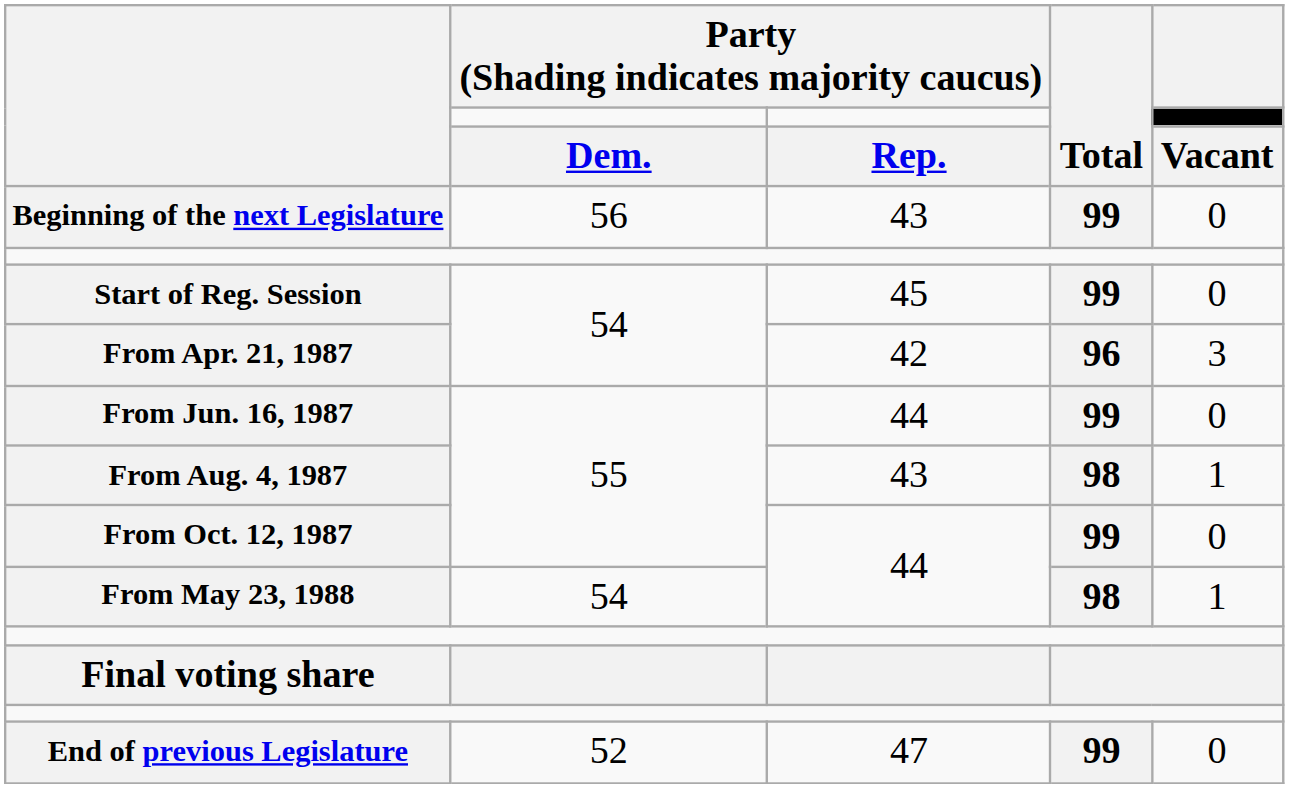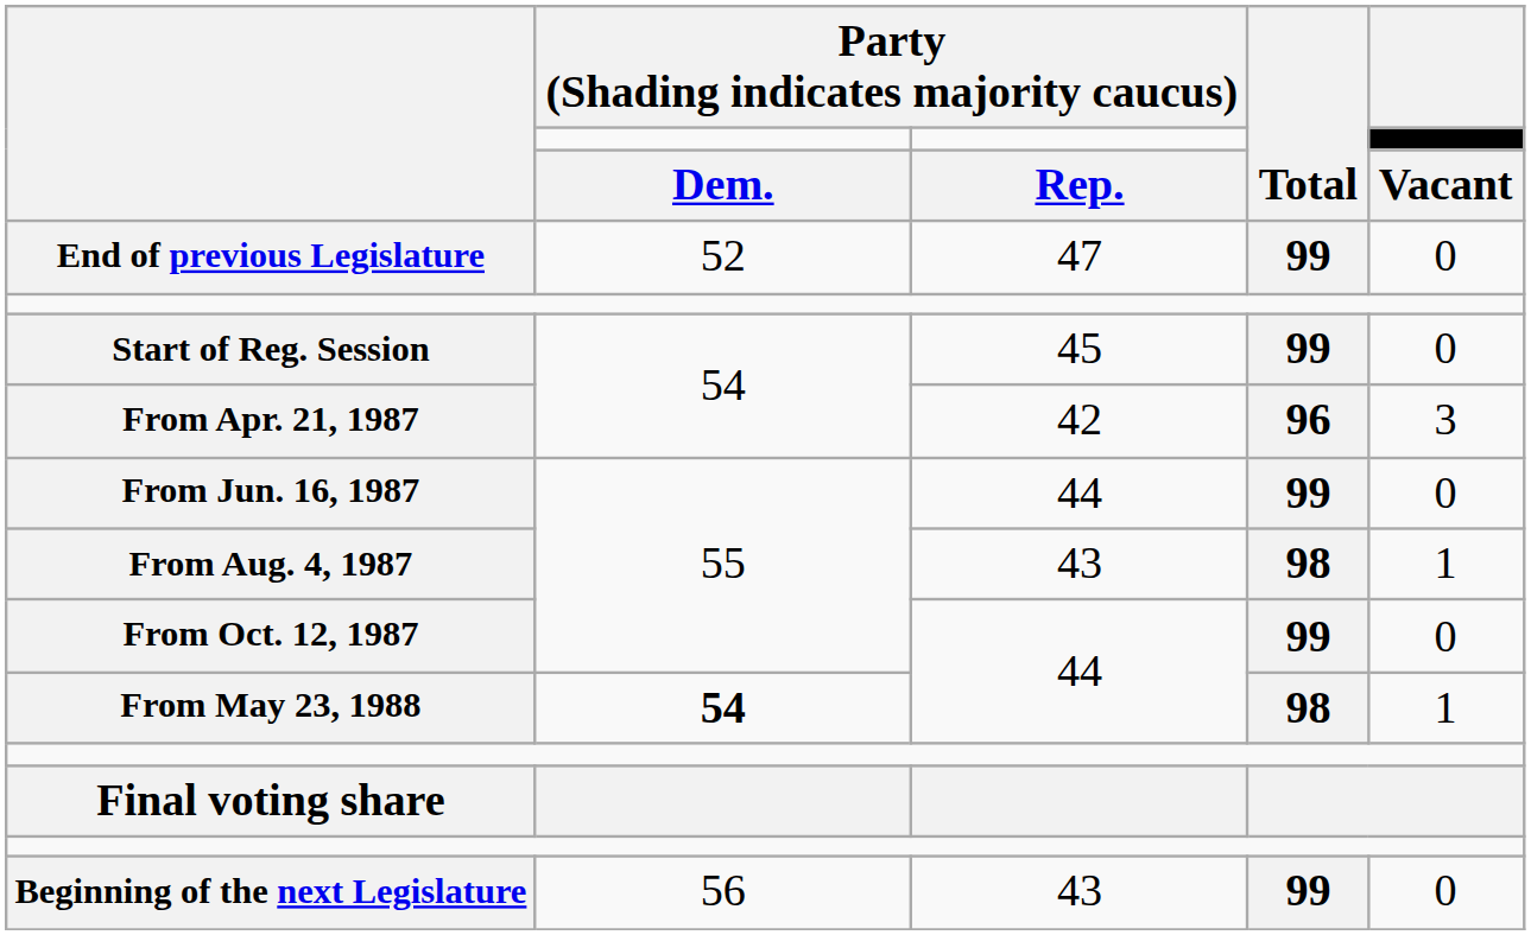 <table class=wikitable style="text-align:center">
 <tr style="vertical-align:bottom;">
 <th rowspan=3></th>
 <th colspan=2>Party <div>(Shading indicates majority caucus)</div></th>
 <th rowspan=3>Total</th>
 <th></th>
 </tr>
 <tr style="height:5px">
 <td style="background-color:"></td>
 <td style="background-color:"></td>
 <td style="background:black;"></td>
 </tr>
 <tr>
 <th><a href='#'>Dem.</a></th>
 <th><a href='#'>Rep.</a></th>
 <th>Vacant</th>
 </tr>
 <tr>
-<th style="font-size:80%;">Beginning of the <a href='#'>next Legislature</a></th>
-<td>56</td>
-<td>43</td>
+<th style="font-size:80%;">End of <a href='#'>previous Legislature</a></th>
+<td>52</td>
+<td>47</td>
 <th>99</th>
 <td>0</td>
 </tr>
 <tr>
 <td colspan=5></td>
 </tr>
 <tr>
 <th style="font-size:80%;">Start of Reg. Session</th>
 <td rowspan="2" >54</td>
 <td>45</td>
 <th>99</th>
 <td>0</td>
 </tr>
 <tr>
 <th style="font-size:80%;">From Apr. 21, 1987</th>
 <td>42</td>
 <th>96</th>
 <td>3</td>
 </tr>
 <tr>
 <th style="font-size:80%;">From Jun. 16, 1987</th>
 <td rowspan="3" >55</td>
 <td>44</td>
 <th>99</th>
 <td>0</td>
 </tr>
 <tr>
 <th style="font-size:80%;">From Aug. 4, 1987</th>
 <td>43</td>
 <th>98</th>
 <td>1</td>
 </tr>
 <tr>
 <th style="font-size:80%;">From Oct. 12, 1987</th>
 <td rowspan="2">44</td>
 <th>99</th>
 <td>0</td>
 </tr>
 <tr>
 <th style="font-size:80%;">From May 23, 1988</th>
-<td>54</td>
+<td><strong>54</strong></td>
 <th>98</th>
 <td>1</td>
 </tr>
 <tr>
 <td colspan=5></td>
 </tr>
 <tr>
 <th>Final voting share</th>
 <th></th>
 <th></th>
 <th colspan=2></th>
 </tr>
 <tr>
 <td colspan=5></td>
 </tr>
 <tr>
-<th style="font-size:80%;">End of <a href='#'>previous Legislature</a></th>
-<td>52</td>
-<td>47</td>
+<th style="font-size:80%;">Beginning of the <a href='#'>next Legislature</a></th>
+<td>56</td>
+<td>43</td>
 <th>99</th>
 <td>0</td>
 </tr>
 </table>
